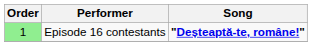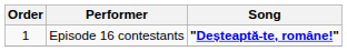 <table class="wikitable" style="text-align:center">
 <tr>
 <th>Order</th>
 <th>Performer</th>
 <th>Song</th>
 </tr>
 <tr>
-<td style="background: lightgreen;">1</td>
+<td>1</td>
 <td>Episode 16 contestants</td>
 <td><strong>"<a href='#'>Deșteaptă-te, române!</a>"</strong></td>
 </tr>
 <tr>
 </tr>
 </table>
